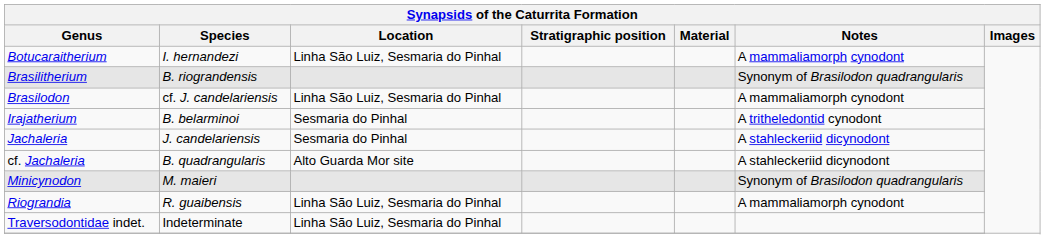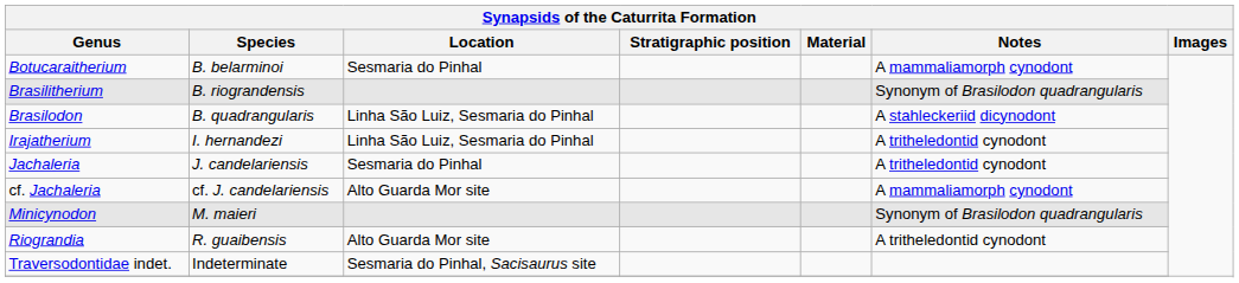 <table class="wikitable" align="center" width="100%">
 <tr>
 <th colspan="7" align="center"><strong><a href='#'>Synapsids</a> of the Caturrita Formation</strong></th>
 </tr>
 <tr>
 <th>Genus</th>
 <th>Species</th>
 <th>Location</th>
 <th>Stratigraphic position</th>
 <th>Material</th>
 <th>Notes</th>
 <th>Images</th>
 </tr>
 <tr>
 <td><em><a href='#'>Botucaraitherium</a></em></td>
-<td><em>I. hernandezi</em></td>
-<td>Linha São Luiz, Sesmaria do Pinhal</td>
+<td><em>B. belarminoi</em></td>
+<td>Sesmaria do Pinhal</td>
 <td></td>
 <td></td>
 <td>A <a href='#'>mammaliamorph</a> <a href='#'>cynodont</a></td>
 <td rowspan="99"><br> </td>
 </tr>
 <tr>
 <td style="background:#E6E6E6;"><em><a href='#'>Brasilitherium</a></em></td>
 <td style="background:#E6E6E6;"><em>B. riograndensis</em></td>
 <td style="background:#E6E6E6;"></td>
 <td style="background:#E6E6E6;"></td>
 <td style="background:#E6E6E6;"></td>
 <td style="background:#E6E6E6;">Synonym of <em>Brasilodon quadrangularis</em></td>
 </tr>
 <tr>
 <td><em><a href='#'>Brasilodon</a></em></td>
-<td>cf. <em>J. candelariensis</em></td>
+<td><em>B. quadrangularis</em></td>
 <td>Linha São Luiz, Sesmaria do Pinhal</td>
 <td></td>
 <td></td>
-<td>A mammaliamorph cynodont</td>
+<td>A <a href='#'>stahleckeriid</a> <a href='#'>dicynodont</a></td>
 </tr>
 <tr>
 <td><em><a href='#'>Irajatherium</a></em></td>
-<td><em>B. belarminoi</em></td>
-<td>Sesmaria do Pinhal</td>
+<td><em>I. hernandezi</em></td>
+<td>Linha São Luiz, Sesmaria do Pinhal</td>
 <td></td>
 <td></td>
 <td>A <a href='#'>tritheledontid</a> cynodont</td>
 </tr>
 <tr>
 <td><em><a href='#'>Jachaleria</a></em></td>
 <td><em>J. candelariensis</em></td>
 <td>Sesmaria do Pinhal</td>
 <td></td>
 <td></td>
-<td>A <a href='#'>stahleckeriid</a> <a href='#'>dicynodont</a></td>
+<td>A <a href='#'>tritheledontid</a> cynodont</td>
 </tr>
 <tr>
 <td>cf. <em><a href='#'>Jachaleria</a></em></td>
-<td><em>B. quadrangularis</em></td>
+<td>cf. <em>J. candelariensis</em></td>
 <td>Alto Guarda Mor site</td>
 <td></td>
 <td></td>
-<td>A stahleckeriid dicynodont</td>
+<td>A <a href='#'>mammaliamorph</a> <a href='#'>cynodont</a></td>
 </tr>
 <tr>
 <td style="background:#E6E6E6;"><em><a href='#'>Minicynodon</a></em></td>
 <td style="background:#E6E6E6;"><em>M. maieri</em></td>
 <td style="background:#E6E6E6;"></td>
 <td style="background:#E6E6E6;"></td>
 <td style="background:#E6E6E6;"></td>
 <td style="background:#E6E6E6;">Synonym of <em>Brasilodon quadrangularis</em></td>
 </tr>
 <tr>
 <td><em><a href='#'>Riograndia</a></em></td>
 <td><em>R. guaibensis</em></td>
-<td>Linha São Luiz, Sesmaria do Pinhal</td>
+<td>Alto Guarda Mor site</td>
 <td></td>
 <td></td>
-<td>A mammaliamorph cynodont</td>
+<td>A tritheledontid cynodont</td>
 </tr>
 <tr>
 <td><a href='#'>Traversodontidae</a> indet.</td>
 <td>Indeterminate</td>
-<td>Linha São Luiz, Sesmaria do Pinhal</td>
+<td>Sesmaria do Pinhal, <em>Sacisaurus</em> site</td>
 <td></td>
 <td></td>
 <td></td>
 </tr>
 <tr>
 </tr>
 </table>
